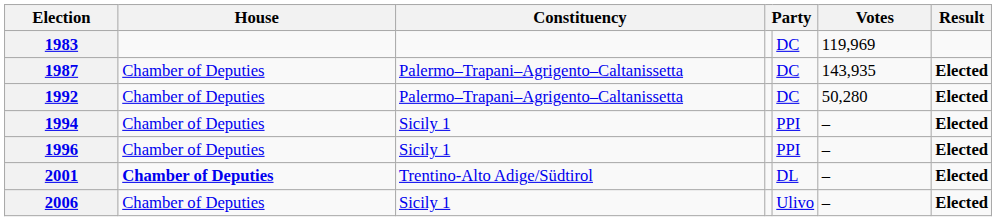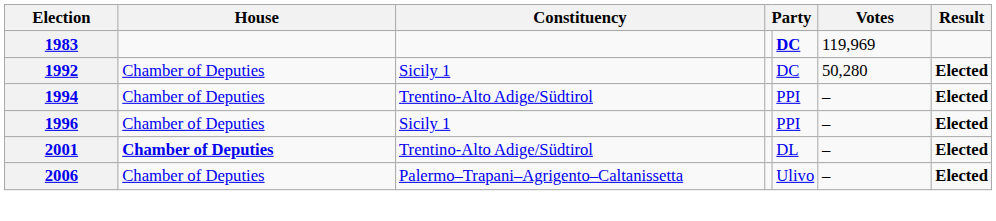 <table class=wikitable style="width:60%; border:1px #AAAAFF solid">
 <tr>
 <th width=12%>Election</th>
 <th width=30%>House</th>
 <th width=40%>Constituency</th>
 <th width=5% colspan="2">Party</th>
 <th width=12%>Votes</th>
 <th width=12%>Result</th>
 </tr>
 <tr>
 <th><a href='#'>1983</a></th>
 <td></td>
 <td></td>
 <td></td>
-<td><a href='#'>DC</a></td>
+<td><strong><a href='#'>DC</a></strong></td>
 <td>119,969</td>
 <td></td>
 </tr>
 <tr>
-<th><a href='#'>1987</a></th>
-<td><a href='#'>Chamber of Deputies</a></td>
-<td><a href='#'>Palermo–Trapani–Agrigento–Caltanissetta</a></td>
-<td></td>
-<td><a href='#'>DC</a></td>
-<td>143,935</td>
-<td> <strong>Elected</strong></td>
-</tr>
-<tr>
 <th><a href='#'>1992</a></th>
 <td><a href='#'>Chamber of Deputies</a></td>
-<td><a href='#'>Palermo–Trapani–Agrigento–Caltanissetta</a></td>
+<td><a href='#'>Sicily 1</a></td>
 <td></td>
 <td><a href='#'>DC</a></td>
 <td>50,280</td>
 <td> <strong>Elected</strong></td>
 </tr>
 <tr>
 <th><a href='#'>1994</a></th>
 <td><a href='#'>Chamber of Deputies</a></td>
-<td><a href='#'>Sicily 1</a></td>
+<td><a href='#'>Trentino-Alto Adige/Südtirol</a></td>
 <td></td>
 <td><a href='#'>PPI</a></td>
 <td>–</td>
 <td> <strong>Elected</strong></td>
 </tr>
 <tr>
 <th><a href='#'>1996</a></th>
 <td><a href='#'>Chamber of Deputies</a></td>
 <td><a href='#'>Sicily 1</a></td>
 <td></td>
 <td><a href='#'>PPI</a></td>
 <td>–</td>
 <td> <strong>Elected</strong></td>
 </tr>
 <tr>
 <th><a href='#'>2001</a></th>
 <td><strong><a href='#'>Chamber of Deputies</a></strong></td>
 <td><a href='#'>Trentino-Alto Adige/Südtirol</a></td>
 <td></td>
 <td><a href='#'>DL</a></td>
 <td>–</td>
 <td> <strong>Elected</strong></td>
 </tr>
 <tr>
 <th><a href='#'>2006</a></th>
 <td><a href='#'>Chamber of Deputies</a></td>
-<td><a href='#'>Sicily 1</a></td>
+<td><a href='#'>Palermo–Trapani–Agrigento–Caltanissetta</a></td>
 <td></td>
 <td><a href='#'>Ulivo</a></td>
 <td>–</td>
 <td> <strong>Elected</strong></td>
 </tr>
 </table>
